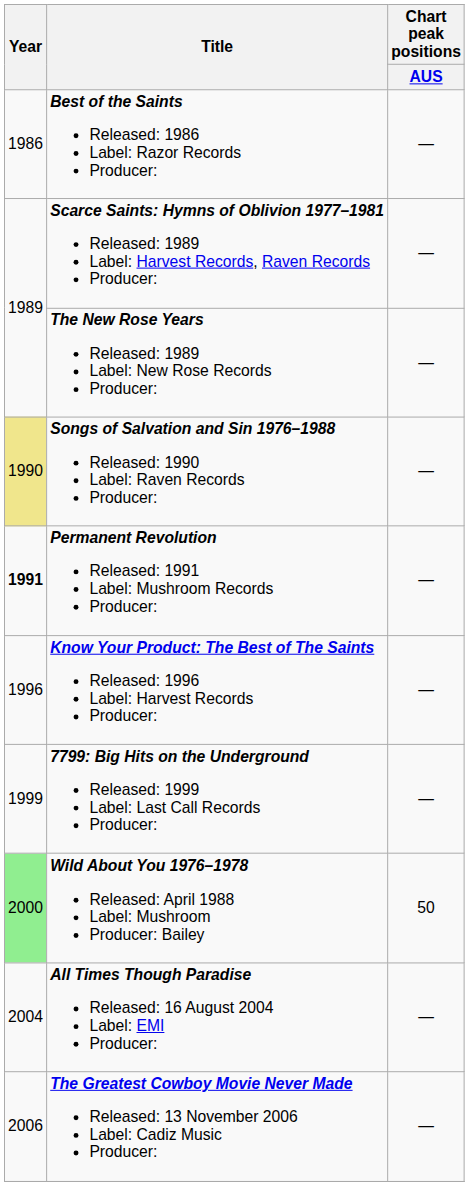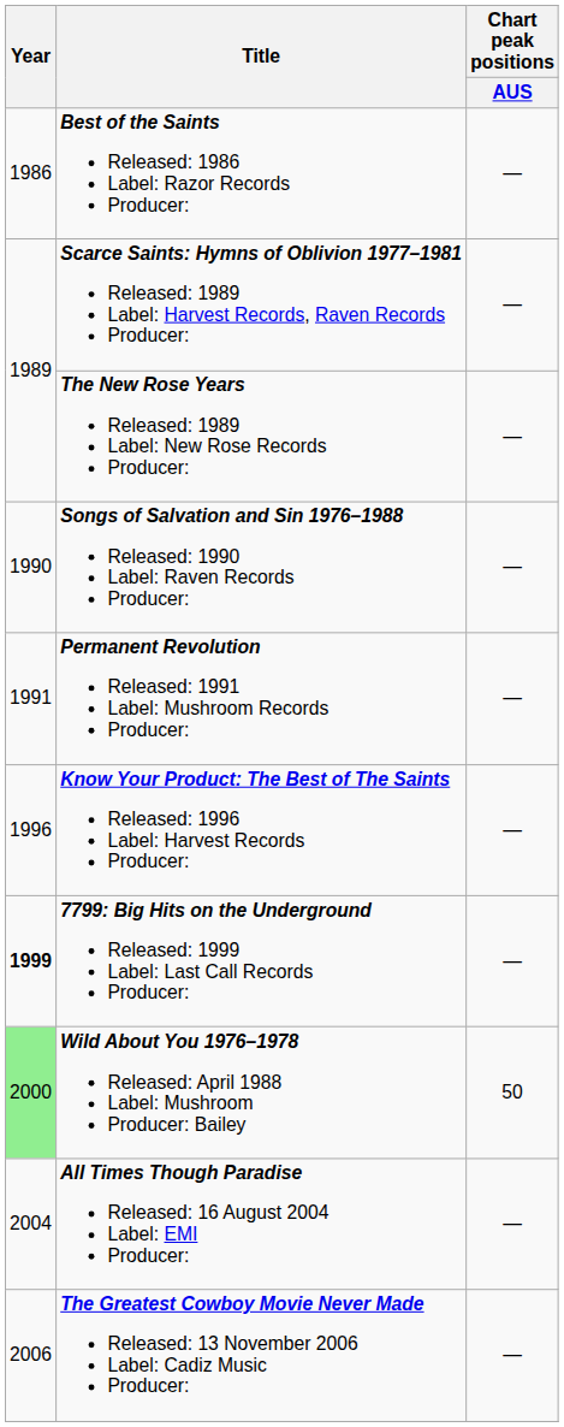 <table class="wikitable">
 <tr>
 <th rowspan="2">Year</th>
 <th rowspan="2">Title</th>
 <th colspan="1">Chart peak positions</th>
 </tr>
 <tr>
 <th style="width:3em;"><a href='#'>AUS</a><br></th>
 </tr>
 <tr>
 <td align="center">1986</td>
 <td><strong><em>Best of the Saints</em></strong><br><ul><li>Released: 1986</li><li>Label: Razor Records</li><li>Producer:</li></ul></td>
 <td align="center">—</td>
 </tr>
 <tr>
 <td align="center" rowspan="2">1989</td>
 <td><strong><em>Scarce Saints: Hymns of Oblivion 1977–1981</em></strong><br><ul><li>Released: 1989</li><li>Label: <a href='#'>Harvest Records</a>, <a href='#'>Raven Records</a></li><li>Producer:</li></ul></td>
 <td align="center">—</td>
 </tr>
 <tr>
 <td><strong><em>The New Rose Years</em></strong><br><ul><li>Released: 1989</li><li>Label: New Rose Records</li><li>Producer:</li></ul></td>
 <td align="center">—</td>
 </tr>
 <tr>
-<td align="center" style="background: khaki;">1990</td>
+<td align="center">1990</td>
 <td><strong><em>Songs of Salvation and Sin 1976–1988</em></strong><br><ul><li>Released: 1990</li><li>Label: Raven Records</li><li>Producer:</li></ul></td>
 <td align="center">—</td>
 </tr>
 <tr>
-<td align="center"><strong>1991</strong></td>
+<td align="center">1991</td>
 <td><strong><em>Permanent Revolution</em></strong><br><ul><li>Released: 1991</li><li>Label: Mushroom Records</li><li>Producer:</li></ul></td>
 <td align="center">—</td>
 </tr>
 <tr>
 <td align="center">1996</td>
 <td><strong><em><a href='#'>Know Your Product: The Best of The Saints</a></em></strong><br><ul><li>Released: 1996</li><li>Label: Harvest Records</li><li>Producer:</li></ul></td>
 <td align="center">—</td>
 </tr>
 <tr>
-<td align="center">1999</td>
+<td align="center"><strong>1999</strong></td>
 <td><strong><em>7799: Big Hits on the Underground</em></strong><br><ul><li>Released: 1999</li><li>Label: Last Call Records</li><li>Producer:</li></ul></td>
 <td align="center">—</td>
 </tr>
 <tr>
 <td align="center" style="background: lightgreen;">2000</td>
 <td><strong><em>Wild About You 1976–1978</em></strong><br><ul><li>Released: April 1988</li><li>Label: Mushroom</li><li>Producer: Bailey</li></ul></td>
 <td align="center">50</td>
 </tr>
 <tr>
 <td align="center">2004</td>
 <td><strong><em>All Times Though Paradise</em></strong><br><ul><li>Released: 16 August 2004</li><li>Label: <a href='#'>EMI</a></li><li>Producer:</li></ul></td>
 <td align="center">—</td>
 </tr>
 <tr>
 <td align="center">2006</td>
 <td><strong><em><a href='#'>The Greatest Cowboy Movie Never Made</a></em></strong><br><ul><li>Released: 13 November 2006</li><li>Label: Cadiz Music</li><li>Producer:</li></ul></td>
 <td align="center">—</td>
 </tr>
 <tr>
 </tr>
 </table>
